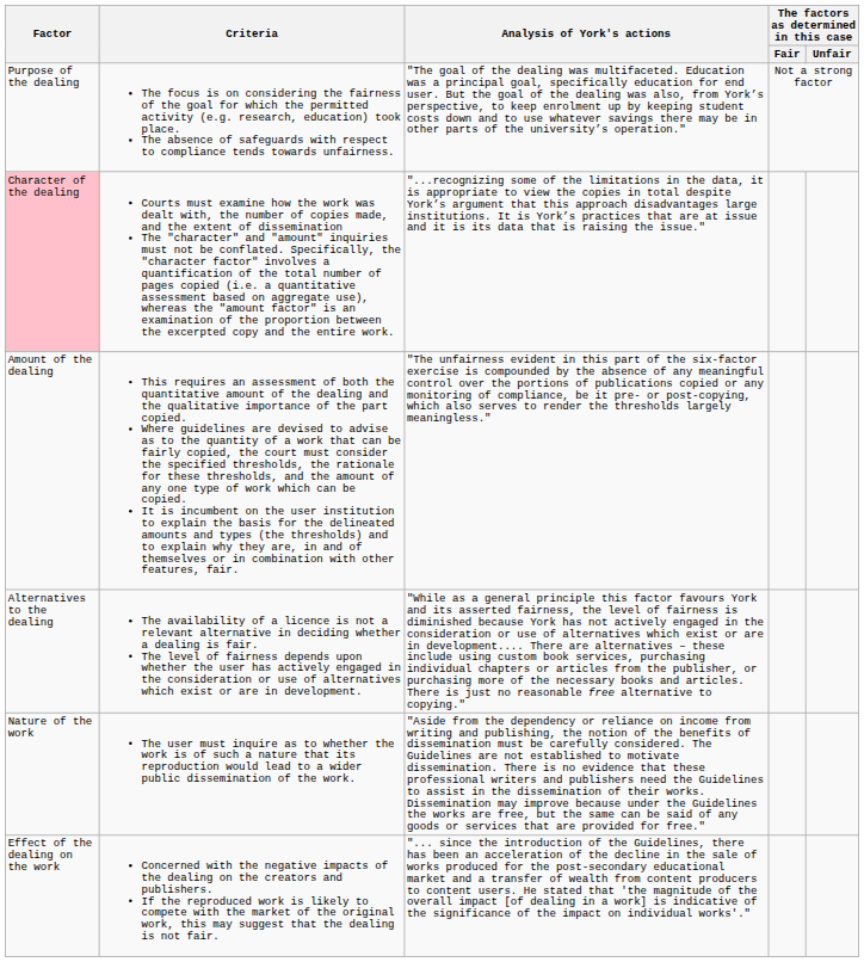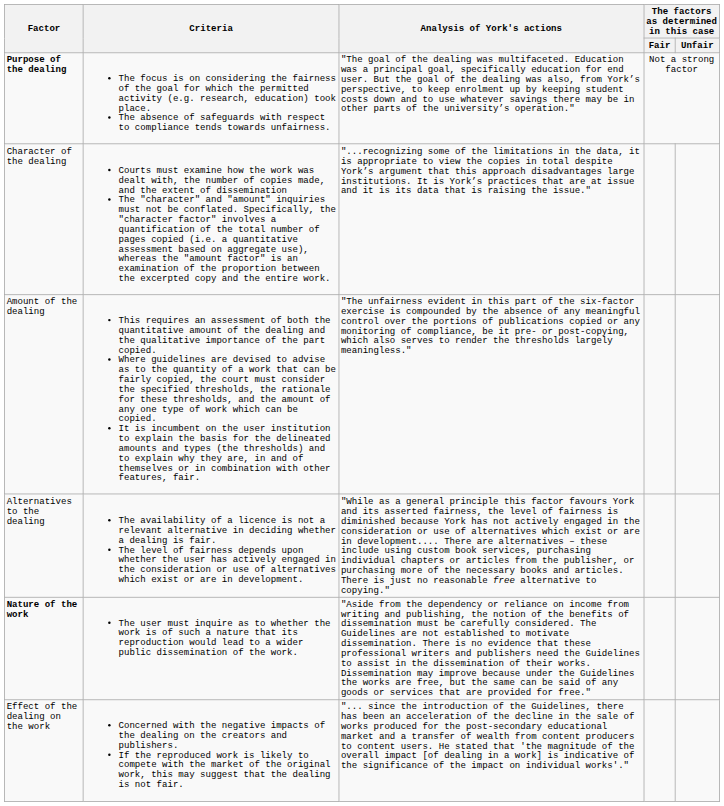 <table class="wikitable" style="font-size:85%">
 <tr>
 <th rowspan=2>Factor</th>
 <th rowspan=2>Criteria</th>
 <th rowspan=2>Analysis of York's actions</th>
 <th colspan=2>The factors as determined in this case</th>
 </tr>
 <tr>
 <th>Fair</th>
 <th>Unfair</th>
 </tr>
 <tr valign = "top">
-<td>Purpose of the dealing</td>
+<td><strong>Purpose of the dealing</strong></td>
 <td><br><ul><li>The focus is on considering the fairness of the goal for which the permitted activity (e.g. research, education) took place.</li><li>The absence of safeguards with respect to compliance tends towards unfairness.</li></ul></td>
 <td>"The goal of the dealing was multifaceted. Education was a principal goal, specifically education for end user. But the goal of the dealing was also, from York’s perspective, to keep enrolment up by keeping student costs down and to use whatever savings there may be in other parts of the university’s operation."</td>
 <td style="text-align:center" colspan="2">Not a strong factor</td>
 </tr>
 <tr valign = "top">
-<td style="background: pink;">Character of the dealing</td>
+<td>Character of the dealing</td>
 <td><br><ul><li>Courts must examine how the work was dealt with, the number of copies made, and the extent of dissemination</li><li>The "character" and "amount" inquiries must not be conflated. Specifically, the "character factor" involves a quantification of the total number of pages copied (i.e. a quantitative assessment based on aggregate use), whereas the "amount factor" is an examination of the proportion between the excerpted copy and the entire work.</li></ul></td>
 <td>"...recognizing some of the limitations in the data, it is appropriate to view the copies in total despite York’s argument that this approach disadvantages large institutions. It is York’s practices that are at issue and it is its data that is raising the issue."</td>
 <td style="text-align:center"></td>
 <td style="text-align:center"></td>
 </tr>
 <tr valign = "top">
 <td>Amount of the dealing</td>
 <td><br><ul><li>This requires an assessment of both the quantitative amount of the dealing and the qualitative importance of the part copied.</li><li>Where guidelines are devised to advise as to the quantity of a work that can be fairly copied, the court must consider the specified thresholds, the rationale for these thresholds, and the amount of any one type of work which can be copied.</li><li>It is incumbent on the user institution to explain the basis for the delineated amounts and types (the thresholds) and to explain why they are, in and of themselves or in combination with other features, fair.</li></ul></td>
 <td>"The unfairness evident in this part of the six-factor exercise is compounded by the absence of any meaningful control over the portions of publications copied or any monitoring of compliance, be it pre- or post-copying, which also serves to render the thresholds largely meaningless."</td>
 <td style="text-align:center"></td>
 <td style="text-align:center"></td>
 </tr>
 <tr valign = "top">
 <td>Alternatives to the dealing</td>
 <td><br><ul><li>The availability of a licence is not a relevant alternative in deciding whether a dealing is fair.</li><li>The level of fairness depends upon whether the user has actively engaged in the consideration or use of alternatives which exist or are in development.</li></ul></td>
 <td>"While as a general principle this factor favours York and its asserted fairness, the level of fairness is diminished because York has not actively engaged in the consideration or use of alternatives which exist or are in development.... There are alternatives – these include using custom book services, purchasing individual chapters or articles from the publisher, or purchasing more of the necessary books and articles. There is just no reasonable <em>free</em> alternative to copying."</td>
 <td style="text-align:center"></td>
 <td style="text-align:center"></td>
 </tr>
 <tr valign = "top">
-<td>Nature of the work</td>
+<td><strong>Nature of the work</strong></td>
 <td><br><ul><li>The user must inquire as to whether the work is of such a nature that its reproduction would lead to a wider public dissemination of the work.</li></ul></td>
 <td>"Aside from the dependency or reliance on income from writing and publishing, the notion of the benefits of dissemination must be carefully considered. The Guidelines are not established to motivate dissemination. There is no evidence that these professional writers and publishers need the Guidelines to assist in the dissemination of their works. Dissemination may improve because under the Guidelines the works are free, but the same can be said of any goods or services that are provided for free."</td>
 <td style="text-align:center"></td>
 <td style="text-align:center"></td>
 </tr>
 <tr valign = "top">
 <td>Effect of the dealing on the work</td>
 <td><br><ul><li>Concerned with the negative impacts of the dealing on the creators and publishers.</li><li>If the reproduced work is likely to compete with the market of the original work, this may suggest that the dealing is not fair.</li></ul></td>
 <td>"... since the introduction of the Guidelines, there has been an acceleration of the decline in the sale of works produced for the post-secondary educational market and a transfer of wealth from content producers to content users. He stated that 'the magnitude of the overall impact [of dealing in a work] is indicative of the significance of the impact on individual works'."</td>
 <td style="text-align:center"></td>
 <td style="text-align:center"></td>
 </tr>
 </table>
